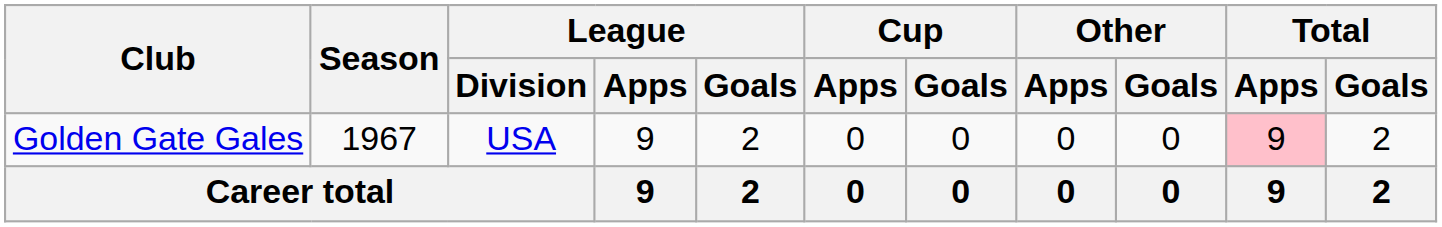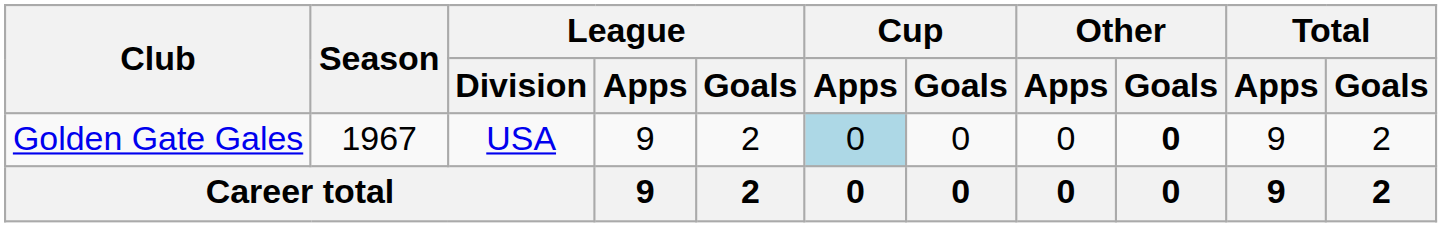 <table class="wikitable" style="text-align: center">
 <tr>
 <th rowspan="2">Club</th>
 <th rowspan="2">Season</th>
 <th colspan="3">League</th>
 <th colspan="2">Cup</th>
 <th colspan="2">Other</th>
 <th colspan="2">Total</th>
 </tr>
 <tr>
 <th>Division</th>
 <th>Apps</th>
 <th>Goals</th>
 <th>Apps</th>
 <th>Goals</th>
 <th>Apps</th>
 <th>Goals</th>
 <th>Apps</th>
 <th>Goals</th>
 </tr>
 <tr>
 <td><a href='#'>Golden Gate Gales</a></td>
 <td>1967</td>
 <td><a href='#'>USA</a></td>
 <td>9</td>
 <td>2</td>
+<td style="background: lightblue;">0</td>
 <td>0</td>
 <td>0</td>
-<td>0</td>
-<td>0</td>
-<td style="background: pink;">9</td>
+<td><strong>0</strong></td>
+<td>9</td>
 <td>2</td>
 </tr>
 <tr>
 <th colspan="3"><strong>Career total</strong></th>
 <th>9</th>
 <th>2</th>
 <th>0</th>
 <th>0</th>
 <th>0</th>
 <th>0</th>
 <th>9</th>
 <th>2</th>
 </tr>
 </table>
